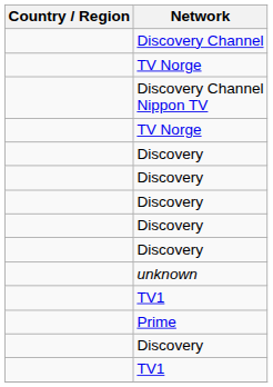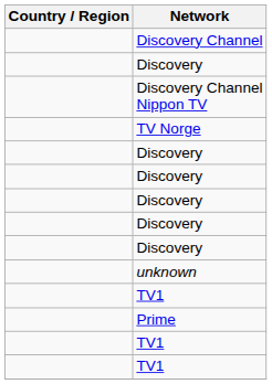 <table class="wikitable">
 <tr>
 <th>Country / Region</th>
 <th>Network</th>
 </tr>
 <tr>
 <td></td>
 <td><a href='#'>Discovery Channel</a></td>
 </tr>
 <tr>
 <td></td>
-<td><a href='#'>TV Norge</a></td>
+<td>Discovery</td>
 </tr>
 <tr>
 <td></td>
 <td>Discovery Channel<br><a href='#'>Nippon TV</a></td>
 </tr>
 <tr>
 <td></td>
 <td><a href='#'>TV Norge</a></td>
 </tr>
 <tr>
 <td></td>
 <td>Discovery</td>
 </tr>
 <tr>
 <td></td>
 <td>Discovery</td>
 </tr>
 <tr>
 <td></td>
 <td>Discovery</td>
 </tr>
 <tr>
 <td></td>
 <td>Discovery</td>
 </tr>
 <tr>
 <td></td>
 <td>Discovery</td>
 </tr>
 <tr>
 <td></td>
 <td><em>unknown</em></td>
 </tr>
 <tr>
 <td></td>
 <td><a href='#'>TV1</a></td>
 </tr>
 <tr>
 <td></td>
 <td><a href='#'>Prime</a></td>
 </tr>
 <tr>
 <td></td>
-<td>Discovery</td>
+<td><a href='#'>TV1</a></td>
 </tr>
 <tr>
 <td></td>
 <td><a href='#'>TV1</a></td>
 </tr>
 <tr>
 </tr>
 </table>
